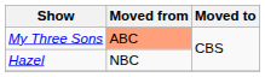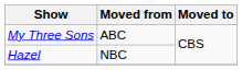 <table class="wikitable sortable">
 <tr>
 <th>Show</th>
 <th>Moved from</th>
 <th>Moved to</th>
 </tr>
 <tr>
 <td><em><a href='#'>My Three Sons</a></em></td>
-<td style="background: lightsalmon;">ABC</td>
+<td>ABC</td>
 <td rowspan=2>CBS</td>
 </tr>
 <tr>
 <td><em><a href='#'>Hazel</a></em></td>
 <td>NBC</td>
 </tr>
 <tr>
 </tr>
 </table>
